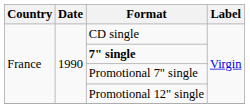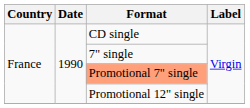 <table class=wikitable>
 <tr>
 <th>Country</th>
 <th>Date</th>
 <th>Format</th>
 <th>Label</th>
 </tr>
 <tr>
 <td rowspan="4">France</td>
 <td rowspan="4">1990</td>
 <td>CD single</td>
 <td rowspan="4"><a href='#'>Virgin</a></td>
 </tr>
 <tr>
-<td><strong>7" single</strong></td>
+<td>7" single</td>
 </tr>
 <tr>
-<td>Promotional 7" single</td>
+<td style="background: lightsalmon;">Promotional 7" single</td>
 </tr>
 <tr>
 <td>Promotional 12" single</td>
 </tr>
 <tr>
 </tr>
 </table>
